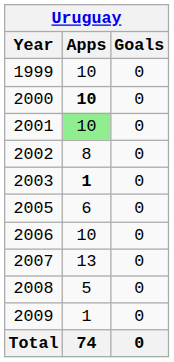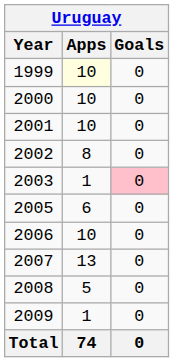 <table class="wikitable" style="text-align:center">
 <tr>
 <th colspan=3><a href='#'>Uruguay</a></th>
 </tr>
 <tr>
 <th>Year</th>
 <th>Apps</th>
 <th>Goals</th>
 </tr>
 <tr>
 <td>1999</td>
+<td style="background: lightyellow;">10</td>
+<td>0</td>
+</tr>
+<tr>
+<td>2000</td>
 <td>10</td>
 <td>0</td>
 </tr>
 <tr>
-<td>2000</td>
-<td><strong>10</strong></td>
-<td>0</td>
-</tr>
-<tr>
 <td>2001</td>
-<td style="background: lightgreen;">10</td>
+<td>10</td>
 <td>0</td>
 </tr>
 <tr>
 <td>2002</td>
 <td>8</td>
 <td>0</td>
 </tr>
 <tr>
 <td>2003</td>
-<td><strong>1</strong></td>
-<td>0</td>
+<td>1</td>
+<td style="background: pink;">0</td>
 </tr>
 <tr>
 <td>2005</td>
 <td>6</td>
 <td>0</td>
 </tr>
 <tr>
 <td>2006</td>
 <td>10</td>
 <td>0</td>
 </tr>
 <tr>
 <td>2007</td>
 <td>13</td>
 <td>0</td>
 </tr>
 <tr>
 <td>2008</td>
 <td>5</td>
 <td>0</td>
 </tr>
 <tr>
 <td>2009</td>
 <td>1</td>
 <td>0</td>
 </tr>
 <tr>
 <th>Total</th>
 <th>74</th>
 <th>0</th>
 </tr>
 </table>
